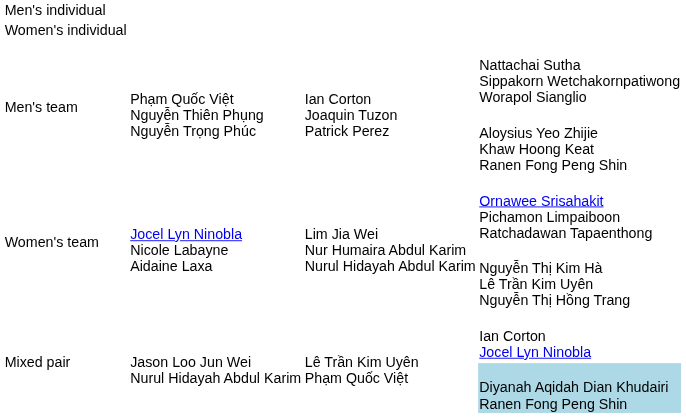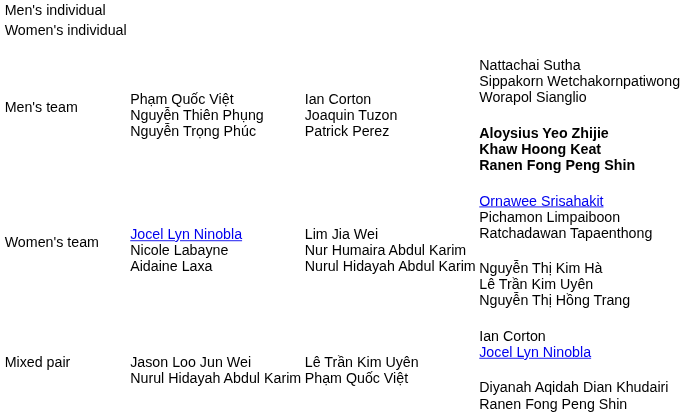 <table>
 <tr>
 <td rowspan=2>Men's individual</td>
 <td rowspan=2></td>
 <td rowspan=2></td>
 <td></td>
 </tr>
 <tr>
 <td></td>
 </tr>
 <tr>
 <td rowspan=2>Women's individual</td>
 <td rowspan=2 nowrap></td>
 <td rowspan=2 nowrap></td>
 <td></td>
 </tr>
 <tr>
 <td></td>
 </tr>
 <tr>
 <td rowspan=2>Men's team</td>
 <td rowspan=2><br>Phạm Quốc Việt<br>Nguyễn Thiên Phụng<br>Nguyễn Trọng Phúc</td>
 <td rowspan=2><br>Ian Corton<br>Joaquin Tuzon<br>Patrick Perez</td>
 <td nowrap><br>Nattachai Sutha<br>Sippakorn Wetchakornpatiwong<br>Worapol Sianglio</td>
 </tr>
 <tr>
-<td><br>Aloysius Yeo Zhijie<br>Khaw Hoong Keat<br>Ranen Fong Peng Shin</td>
+<td><strong><br>Aloysius Yeo Zhijie<br>Khaw Hoong Keat<br>Ranen Fong Peng Shin</strong></td>
 </tr>
 <tr>
 <td rowspan=2>Women's team</td>
 <td rowspan=2 nowrap><br><a href='#'>Jocel Lyn Ninobla</a><br>Nicole Labayne<br>Aidaine Laxa</td>
 <td rowspan=2 nowrap><br>Lim Jia Wei<br>Nur Humaira Abdul Karim<br>Nurul Hidayah Abdul Karim</td>
 <td><br><a href='#'>Ornawee Srisahakit</a><br>Pichamon Limpaiboon<br>Ratchadawan Tapaenthong</td>
 </tr>
 <tr>
 <td><br>Nguyễn Thị Kim Hà<br>Lê Trần Kim Uyên<br>Nguyễn Thị Hồng Trang</td>
 </tr>
 <tr>
 <td rowspan=2>Mixed pair</td>
 <td rowspan=2 nowrap><br>Jason Loo Jun Wei<br>Nurul Hidayah Abdul Karim</td>
 <td rowspan=2 nowrap><br>Lê Trần Kim Uyên<br>Phạm Quốc Việt</td>
 <td><br>Ian Corton<br><a href='#'>Jocel Lyn Ninobla</a></td>
 </tr>
 <tr>
-<td style="background: lightblue;"><br>Diyanah Aqidah Dian Khudairi<br>Ranen Fong Peng Shin</td>
+<td><br>Diyanah Aqidah Dian Khudairi<br>Ranen Fong Peng Shin</td>
 </tr>
 </table>
